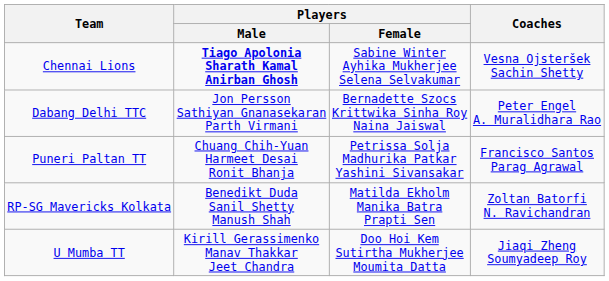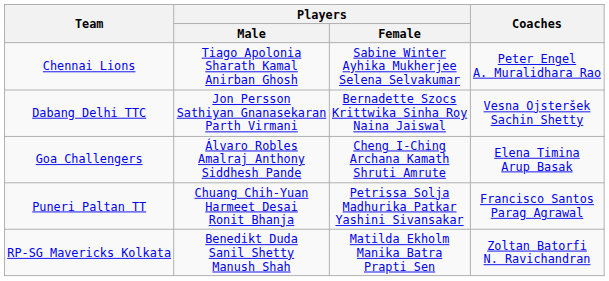 <table class="wikitable sortable" style="text-align:center;">
 <tr>
 <th rowspan=2>Team</th>
 <th colspan=2>Players</th>
 <th rowspan=2>Coaches</th>
 </tr>
 <tr>
 <th>Male</th>
 <th>Female</th>
 </tr>
 <tr>
 <td><a href='#'>Chennai Lions</a></td>
-<td><strong> <a href='#'>Tiago Apolonia</a> <br> <a href='#'>Sharath Kamal</a> <br> <a href='#'>Anirban Ghosh</a></strong></td>
+<td> <a href='#'>Tiago Apolonia</a> <br> <a href='#'>Sharath Kamal</a> <br> <a href='#'>Anirban Ghosh</a></td>
 <td> <a href='#'>Sabine Winter</a> <br> <a href='#'>Ayhika Mukherjee</a> <br>  <a href='#'>Selena Selvakumar</a></td>
-<td> <a href='#'>Vesna Ojsteršek</a> <br>  <a href='#'>Sachin Shetty</a></td>
+<td> <a href='#'>Peter Engel</a><br>  <a href='#'>A. Muralidhara Rao</a></td>
 </tr>
 <tr>
 <td><a href='#'>Dabang Delhi TTC</a></td>
 <td> <a href='#'>Jon Persson</a> <br>  <a href='#'>Sathiyan Gnanasekaran</a> <br> <a href='#'>Parth Virmani</a></td>
 <td> <a href='#'>Bernadette Szocs</a> <br>  <a href='#'>Krittwika Sinha Roy</a> <br> <a href='#'>Naina Jaiswal</a></td>
-<td> <a href='#'>Peter Engel</a><br>  <a href='#'>A. Muralidhara Rao</a></td>
+<td> <a href='#'>Vesna Ojsteršek</a> <br>  <a href='#'>Sachin Shetty</a></td>
+</tr>
+<tr>
+<td><a href='#'>Goa Challengers</a></td>
+<td> <a href='#'>Álvaro Robles</a> <br> <a href='#'>Amalraj Anthony</a> <br>  <a href='#'>Siddhesh Pande</a></td>
+<td> <a href='#'>Cheng I-Ching</a> <br> <a href='#'>Archana Kamath</a> <br>  <a href='#'>Shruti Amrute</a></td>
+<td> <a href='#'>Elena Timina</a> <br> <a href='#'>Arup Basak</a></td>
 </tr>
 <tr>
 <td><a href='#'>Puneri Paltan TT</a></td>
 <td> <a href='#'>Chuang Chih-Yuan</a> <br>  <a href='#'>Harmeet Desai</a> <br> <a href='#'>Ronit Bhanja</a></td>
 <td> <a href='#'>Petrissa Solja</a> <br>  <a href='#'>Madhurika Patkar</a> <br>  <a href='#'>Yashini Sivansakar</a></td>
 <td> <a href='#'>Francisco Santos</a> <br> <a href='#'>Parag Agrawal</a></td>
 </tr>
 <tr>
 <td><a href='#'>RP-SG Mavericks Kolkata</a></td>
 <td> <a href='#'>Benedikt Duda</a> <br> <a href='#'>Sanil Shetty</a> <br> <a href='#'>Manush Shah</a></td>
 <td> <a href='#'>Matilda Ekholm</a> <br>  <a href='#'>Manika Batra</a> <br> <a href='#'>Prapti Sen</a></td>
 <td> <a href='#'>Zoltan Batorfi</a> <br>  <a href='#'>N. Ravichandran</a></td>
 </tr>
-<tr>
-<td><a href='#'>U Mumba TT</a></td>
-<td> <a href='#'>Kirill Gerassimenko</a> <br> <a href='#'>Manav Thakkar</a> <br> <a href='#'>Jeet Chandra</a></td>
-<td> <a href='#'>Doo Hoi Kem</a> <br> <a href='#'>Sutirtha Mukherjee</a> <br> <a href='#'>Moumita Datta</a></td>
-<td> <a href='#'>Jiaqi Zheng</a> <br> <a href='#'>Soumyadeep Roy</a></td>
-</tr>
 </table>
